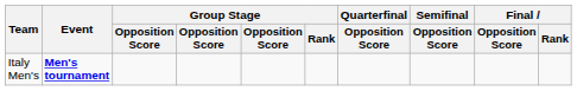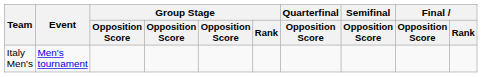 <table class="wikitable" style="font-size:90%">
 <tr>
 <th rowspan=2>Team</th>
 <th rowspan=2>Event</th>
 <th colspan=4>Group Stage</th>
 <th>Quarterfinal</th>
 <th>Semifinal</th>
 <th colspan=2>Final / </th>
 </tr>
 <tr style="font-size:95%">
 <th>Opposition<br>Score</th>
 <th>Opposition<br>Score</th>
 <th>Opposition<br>Score</th>
 <th>Rank</th>
 <th>Opposition<br>Score</th>
 <th>Opposition<br>Score</th>
 <th>Opposition<br>Score</th>
 <th>Rank</th>
 </tr>
 <tr align=center>
 <td align=left>Italy Men's</td>
-<td align=left><strong><a href='#'>Men's tournament</a></strong></td>
+<td align=left><a href='#'>Men's tournament</a></td>
 <td></td>
 <td></td>
 <td></td>
 <td></td>
 <td></td>
 <td></td>
 <td></td>
 <td></td>
 </tr>
 </table>
